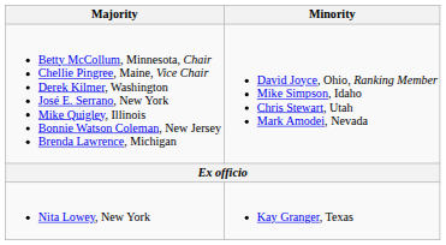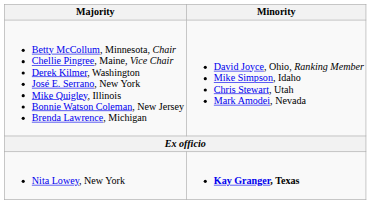 <table class=wikitable>
 <tr>
 <th>Majority</th>
 <th>Minority</th>
 </tr>
 <tr>
 <td><br><ul><li><a href='#'>Betty McCollum</a>, Minnesota, <em>Chair</em></li><li><a href='#'>Chellie Pingree</a>, Maine, <em>Vice Chair</em></li><li><a href='#'>Derek Kilmer</a>, Washington</li><li><a href='#'>José E. Serrano</a>, New York</li><li><a href='#'>Mike Quigley</a>, Illinois</li><li><a href='#'>Bonnie Watson Coleman</a>, New Jersey</li><li><a href='#'>Brenda Lawrence</a>, Michigan</li></ul></td>
 <td><br><ul><li><a href='#'>David Joyce</a>, Ohio, <em>Ranking Member</em></li><li><a href='#'>Mike Simpson</a>, Idaho</li><li><a href='#'>Chris Stewart</a>, Utah</li><li><a href='#'>Mark Amodei</a>, Nevada</li></ul></td>
 </tr>
 <tr>
 <th colspan=2><em>Ex officio</em></th>
 </tr>
 <tr>
 <td><br><ul><li><a href='#'>Nita Lowey</a>, New York</li></ul></td>
-<td><br><ul><li><a href='#'>Kay Granger</a>, Texas</li></ul></td>
+<td><strong><br><ul><li><a href='#'>Kay Granger</a>, Texas</li></ul></strong></td>
 </tr>
 </table>
